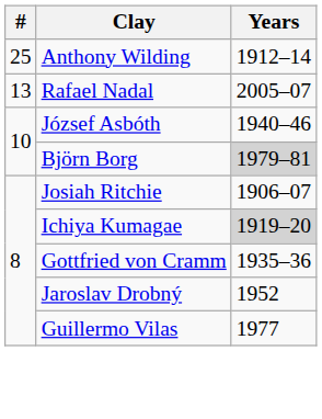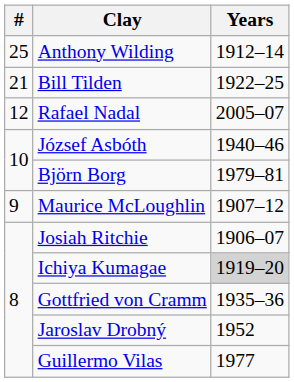 <table class=wikitable style="display:inline-table;">
 <tr>
 <th>#</th>
 <th>Clay</th>
 <th>Years</th>
 </tr>
 <tr>
 <td>25</td>
 <td> <a href='#'>Anthony Wilding</a></td>
 <td>1912–14</td>
 </tr>
 <tr>
-<td>13</td>
+<td>21</td>
+<td> <a href='#'>Bill Tilden</a></td>
+<td>1922–25</td>
+</tr>
+<tr>
+<td>12</td>
 <td> <a href='#'>Rafael Nadal</a></td>
 <td>2005–07</td>
 </tr>
 <tr>
 <td rowspan="2">10</td>
 <td> <a href='#'>József Asbóth</a></td>
 <td>1940–46</td>
 </tr>
 <tr>
 <td> <a href='#'>Björn Borg</a></td>
-<td style="background: lightgrey;">1979–81</td>
+<td>1979–81</td>
+</tr>
+<tr>
+<td>9</td>
+<td> <a href='#'>Maurice McLoughlin</a></td>
+<td>1907–12</td>
 </tr>
 <tr>
 <td rowspan="5">8</td>
 <td> <a href='#'>Josiah Ritchie</a></td>
 <td>1906–07</td>
 </tr>
 <tr>
 <td> <a href='#'>Ichiya Kumagae</a></td>
 <td style="background: lightgrey;">1919–20</td>
 </tr>
 <tr>
 <td> <a href='#'>Gottfried von Cramm</a></td>
 <td>1935–36</td>
 </tr>
 <tr>
 <td> <a href='#'>Jaroslav Drobný</a></td>
 <td>1952</td>
 </tr>
 <tr>
 <td> <a href='#'>Guillermo Vilas</a></td>
 <td>1977</td>
 </tr>
 </table>
